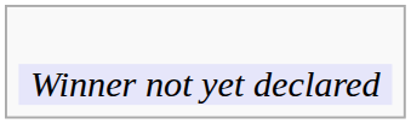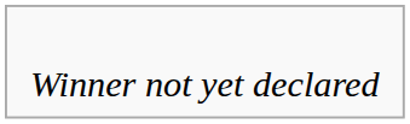 <table style="float; margin-left: 1em; margin-bottom: 0.5em" class="infobox">
 <tr>
 <td style="padding: 0 5px;"><br>      </td>
 </tr>
 <tr>
-<td style="background: lavender; padding: 0 5px;"> <em>Winner not yet declared</em></td>
+<td style="padding: 0 5px;"> <em>Winner not yet declared</em></td>
 </tr>
 </table>
